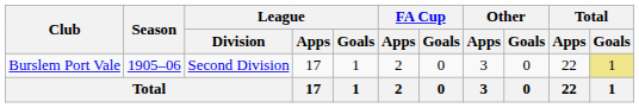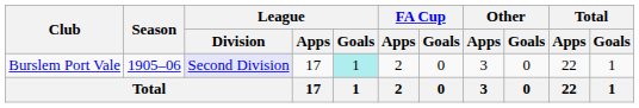 <table class="wikitable" style="text-align:center">
 <tr>
 <th rowspan="2">Club</th>
 <th rowspan="2">Season</th>
 <th colspan="3">League</th>
 <th colspan="2"><a href='#'>FA Cup</a></th>
 <th colspan="2">Other</th>
 <th colspan="2">Total</th>
 </tr>
 <tr>
 <th>Division</th>
 <th>Apps</th>
 <th>Goals</th>
 <th>Apps</th>
 <th>Goals</th>
 <th>Apps</th>
 <th>Goals</th>
 <th>Apps</th>
 <th>Goals</th>
 </tr>
 <tr>
 <td><a href='#'>Burslem Port Vale</a></td>
 <td><a href='#'>1905–06</a></td>
-<td><a href='#'>Second Division</a></td>
+<td style="background: lavender;"><a href='#'>Second Division</a></td>
 <td>17</td>
-<td>1</td>
+<td style="background: paleturquoise;">1</td>
 <td>2</td>
 <td>0</td>
 <td>3</td>
 <td>0</td>
 <td>22</td>
-<td style="background: khaki;">1</td>
+<td>1</td>
 </tr>
 <tr>
 <th colspan="3">Total</th>
 <th>17</th>
 <th>1</th>
 <th>2</th>
 <th>0</th>
 <th>3</th>
 <th>0</th>
 <th>22</th>
 <th>1</th>
 </tr>
 </table>
